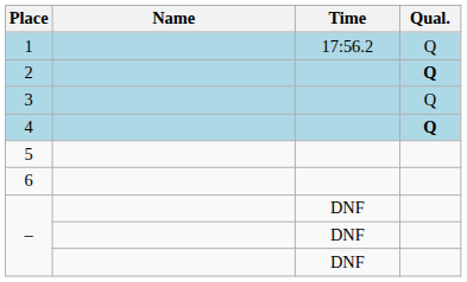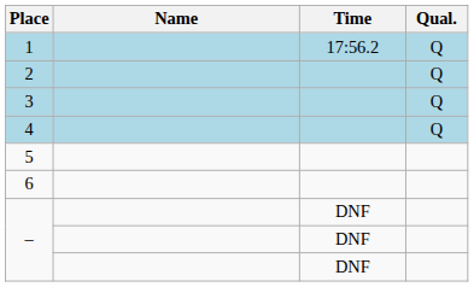 <table class=wikitable style="text-align:center">
 <tr>
 <th width=20>Place</th>
 <th width=220>Name</th>
 <th width=90>Time</th>
 <th width=50>Qual.</th>
 </tr>
 <tr bgcolor=lightblue>
 <td>1</td>
 <td align=left></td>
 <td>17:56.2</td>
 <td>Q</td>
 </tr>
 <tr bgcolor=lightblue>
 <td>2</td>
 <td align=left></td>
 <td></td>
-<td><strong>Q</strong></td>
+<td>Q</td>
 </tr>
 <tr bgcolor=lightblue>
 <td>3</td>
 <td align=left></td>
 <td></td>
 <td>Q</td>
 </tr>
 <tr bgcolor=lightblue>
 <td>4</td>
 <td align=left></td>
 <td></td>
-<td><strong>Q</strong></td>
+<td>Q</td>
 </tr>
 <tr>
 <td>5</td>
 <td align=left></td>
 <td></td>
 <td></td>
 </tr>
 <tr>
 <td>6</td>
 <td align=left></td>
 <td></td>
 <td></td>
 </tr>
 <tr>
 <td rowspan=3>–</td>
 <td align=left></td>
 <td>DNF</td>
 <td></td>
 </tr>
 <tr>
 <td align=left></td>
 <td>DNF</td>
 <td></td>
 </tr>
 <tr>
 <td align=left></td>
 <td>DNF</td>
 <td></td>
 </tr>
 </table>
